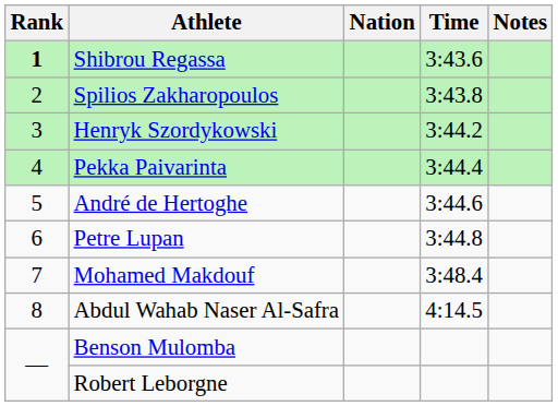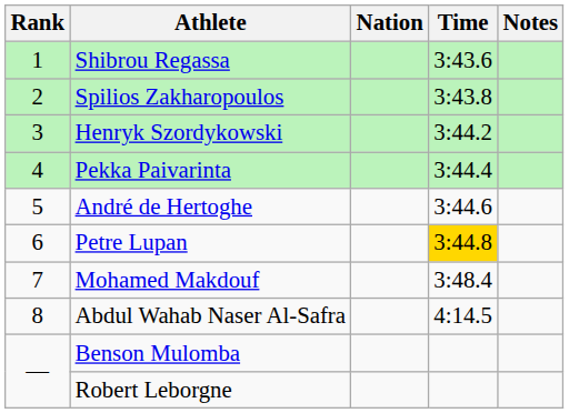 <table class="wikitable sortable" style="text-align:center">
 <tr>
 <th>Rank</th>
 <th>Athlete</th>
 <th>Nation</th>
 <th>Time</th>
 <th>Notes</th>
 </tr>
 <tr style="background:#bbf3bb;">
-<td><strong>1</strong></td>
+<td>1</td>
 <td align=left><a href='#'>Shibrou Regassa</a></td>
 <td align=left></td>
 <td>3:43.6</td>
 <td></td>
 </tr>
 <tr style="background:#bbf3bb;">
 <td>2</td>
 <td align=left><a href='#'>Spilios Zakharopoulos</a></td>
 <td align=left></td>
 <td>3:43.8</td>
 <td></td>
 </tr>
 <tr style="background:#bbf3bb;">
 <td>3</td>
 <td align=left><a href='#'>Henryk Szordykowski</a></td>
 <td align=left></td>
 <td>3:44.2</td>
 <td></td>
 </tr>
 <tr style="background:#bbf3bb;">
 <td>4</td>
 <td align=left><a href='#'>Pekka Paivarinta</a></td>
 <td align=left></td>
 <td>3:44.4</td>
 <td></td>
 </tr>
 <tr>
 <td>5</td>
 <td align=left><a href='#'>André de Hertoghe</a></td>
 <td align=left></td>
 <td>3:44.6</td>
 <td></td>
 </tr>
 <tr>
 <td>6</td>
 <td align=left><a href='#'>Petre Lupan</a></td>
 <td align=left></td>
-<td>3:44.8</td>
+<td style="background: gold;">3:44.8</td>
 <td></td>
 </tr>
 <tr>
 <td>7</td>
 <td align=left><a href='#'>Mohamed Makdouf</a></td>
 <td align=left></td>
 <td>3:48.4</td>
 <td></td>
 </tr>
 <tr>
 <td>8</td>
 <td align=left>Abdul Wahab Naser Al-Safra</td>
 <td align=left></td>
 <td>4:14.5</td>
 <td></td>
 </tr>
 <tr>
 <td rowspan=2 data-sort-value=9>—</td>
 <td align=left><a href='#'>Benson Mulomba</a></td>
 <td align=left></td>
 <td></td>
 <td></td>
 </tr>
 <tr>
 <td align=left>Robert Leborgne</td>
 <td align=left></td>
 <td></td>
 <td></td>
 </tr>
 </table>
